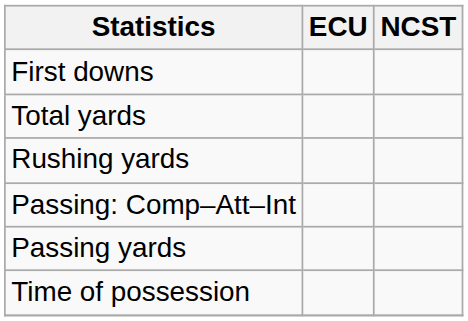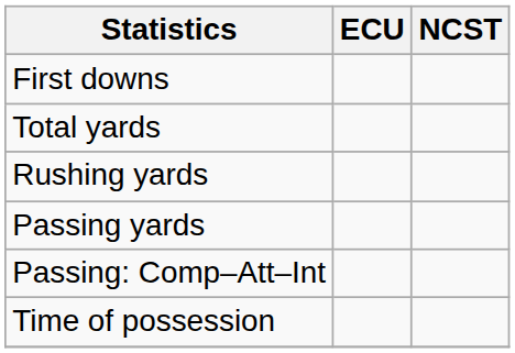 <table class="wikitable" style="float: left;">
 <tr>
 <th>Statistics</th>
 <th>ECU</th>
 <th>NCST</th>
 </tr>
 <tr>
 <td>First downs</td>
 <td></td>
 <td></td>
 </tr>
 <tr>
 <td>Total yards</td>
 <td></td>
 <td></td>
 </tr>
 <tr>
 <td>Rushing yards</td>
 <td></td>
 <td></td>
 </tr>
 <tr>
-<td>Passing: Comp–Att–Int</td>
+<td>Passing yards</td>
 <td></td>
 <td></td>
 </tr>
 <tr>
-<td>Passing yards</td>
+<td>Passing: Comp–Att–Int</td>
 <td></td>
 <td></td>
 </tr>
 <tr>
 <td>Time of possession</td>
 <td></td>
 <td></td>
 </tr>
 <tr>
 </tr>
 </table>
